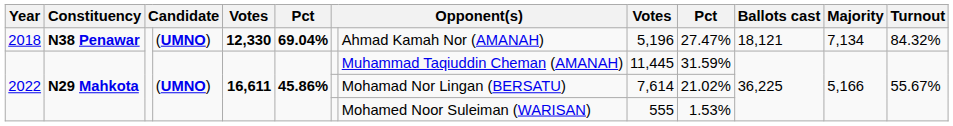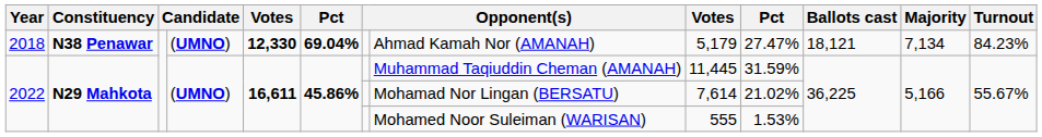 <table class="wikitable" style="margin:0.5em ; font-size:95%">
 <tr>
 <th>Year</th>
 <th>Constituency</th>
 <th colspan=2>Candidate</th>
 <th>Votes</th>
 <th>Pct</th>
 <th colspan=2>Opponent(s)</th>
 <th>Votes</th>
 <th>Pct</th>
 <th>Ballots cast</th>
 <th>Majority</th>
 <th>Turnout</th>
 </tr>
 <tr>
 <td><a href='#'>2018</a></td>
 <td><strong>N38 <a href='#'>Penawar</a></strong></td>
 <td rowspan="4" ></td>
 <td> (<a href='#'><strong>UMNO</strong></a>)</td>
 <td align="right"><strong>12,330</strong></td>
 <td><strong>69.04%</strong></td>
 <td></td>
 <td>Ahmad Kamah Nor (<a href='#'>AMANAH</a>)</td>
-<td align="right">5,196</td>
+<td align="right">5,179</td>
 <td>27.47%</td>
 <td>18,121</td>
 <td>7,134</td>
-<td>84.32%</td>
+<td>84.23%</td>
 </tr>
 <tr>
 <td rowspan="3"><a href='#'>2022</a></td>
 <td rowspan="3"><strong>N29</strong> <a href='#'><strong>Mahkota</strong></a></td>
 <td rowspan="3"> (<a href='#'><strong>UMNO</strong></a>)</td>
 <td rowspan="3" align=right><strong>16,611</strong></td>
 <td rowspan="3"><strong>45.86%</strong></td>
 <td></td>
 <td><a href='#'>Muhammad Taqiuddin Cheman</a> (<a href='#'>AMANAH</a>)</td>
 <td align=right>11,445</td>
 <td>31.59%</td>
 <td rowspan="3">36,225</td>
 <td rowspan="3">5,166</td>
 <td rowspan="3">55.67%</td>
 </tr>
 <tr>
 <td></td>
 <td>Mohamad Nor Lingan (<a href='#'>BERSATU</a>)</td>
 <td align=right>7,614</td>
 <td>21.02%</td>
 </tr>
 <tr>
 <td></td>
 <td>Mohamed Noor Suleiman (<a href='#'>WARISAN</a>)</td>
 <td align=right>555</td>
 <td align=right>1.53%</td>
 </tr>
 </table>
